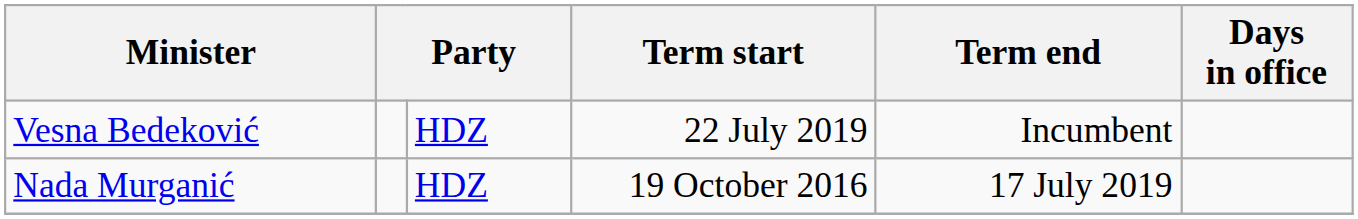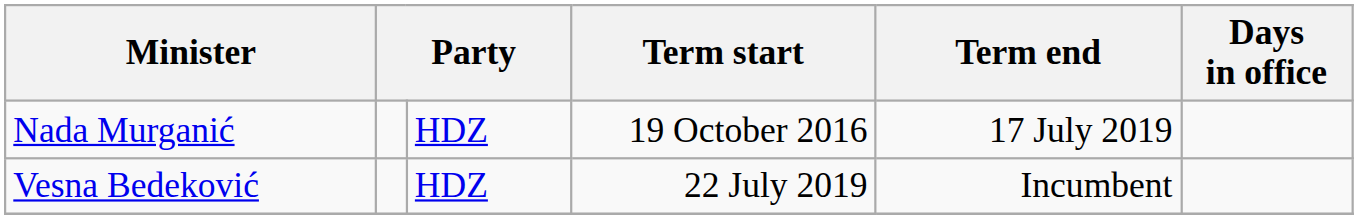 <table class="wikitable" style="text-align: left;">
 <tr>
 <th width="160">Minister</th>
 <th colspan=2 width="80">Party</th>
 <th width="130">Term start</th>
 <th width="130">Term end</th>
 <th width=70>Days<br> in office</th>
+</tr>
+<tr>
+<td><a href='#'>Nada Murganić</a></td>
+<td style="background-color: "></td>
+<td><a href='#'>HDZ</a></td>
+<td align=right>19 October 2016</td>
+<td align=right>17 July 2019</td>
+<td align=right></td>
 </tr>
 <tr>
 <td><a href='#'>Vesna Bedeković</a></td>
 <td style="background-color: "></td>
 <td><a href='#'>HDZ</a></td>
 <td align=right>22 July 2019</td>
 <td align=right>Incumbent</td>
 <td align=right></td>
 </tr>
 <tr>
-<td><a href='#'>Nada Murganić</a></td>
-<td style="background-color: "></td>
-<td><a href='#'>HDZ</a></td>
-<td align=right>19 October 2016</td>
-<td align=right>17 July 2019</td>
-<td align=right></td>
-</tr>
-<tr>
 </tr>
 </table>
